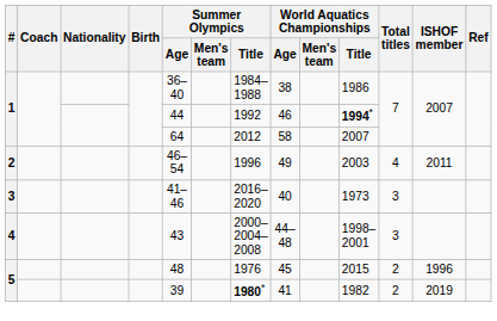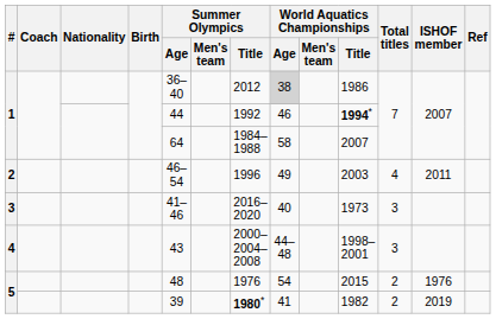 <table class="wikitable sortable sticky-header-multi" style="text-align: center; font-size: 100%; margin-left: 0em;">
 <tr>
 <th scope="col" rowspan="2">#</th>
 <th scope="col" rowspan="2">Coach</th>
 <th scope="col" rowspan="2">Nationality</th>
 <th scope="col" rowspan="2">Birth</th>
 <th scope="colgroup" colspan="3">Summer Olympics</th>
 <th scope="colgroup" colspan="3">World Aquatics Championships</th>
 <th scope="col" rowspan="2">Total<br>titles</th>
 <th scope="col" rowspan="2">ISHOF<br>member</th>
 <th scope="col" rowspan="2" class="unsortable">Ref</th>
 </tr>
 <tr>
 <th scope="col">Age</th>
 <th scope="col">Men's team</th>
 <th scope="col">Title</th>
 <th scope="col">Age</th>
 <th scope="col">Men's team</th>
 <th scope="col">Title</th>
 </tr>
 <tr>
 <th scope="rowgroup" rowspan="3">1</th>
 <td rowspan="3" style="text-align: left;"></td>
 <td style="text-align: left;"></td>
 <td rowspan="3"></td>
 <td>36–40</td>
 <td style="text-align: left;"></td>
-<td style="text-align: left;">1984–1988</td>
-<td>38</td>
+<td style="text-align: left;">2012</td>
+<td style="background: lightgrey;">38</td>
 <td style="text-align: left;"></td>
 <td style="text-align: left;">1986</td>
 <td rowspan="3">7</td>
 <td rowspan="3">2007</td>
 <td rowspan="3"><br><br></td>
 </tr>
 <tr>
 <td rowspan="2" style="text-align: left;"></td>
 <td>44</td>
 <td style="text-align: left;"></td>
 <td style="text-align: left;">1992</td>
 <td>46</td>
 <td style="text-align: left;"></td>
 <td style="text-align: left;"><strong>1994</strong><sup>*</sup></td>
 </tr>
 <tr>
 <td>64</td>
 <td style="text-align: left;"></td>
-<td style="text-align: left;">2012</td>
+<td style="text-align: left;">1984–1988</td>
 <td>58</td>
 <td style="text-align: left;"></td>
 <td style="text-align: left;">2007</td>
 </tr>
 <tr>
 <th scope="row">2</th>
 <td style="text-align: left;"></td>
 <td style="text-align: left;"></td>
 <td></td>
 <td>46–54</td>
 <td style="text-align: left;"></td>
 <td style="text-align: left;">1996</td>
 <td>49</td>
 <td style="text-align: left;"></td>
 <td style="text-align: left;">2003</td>
 <td>4</td>
 <td>2011</td>
 <td></td>
 </tr>
 <tr>
 <th scope="row">3</th>
 <td style="text-align: left;"></td>
 <td style="text-align: left;"></td>
 <td></td>
 <td>41–46</td>
 <td style="text-align: left;"></td>
 <td style="text-align: left;">2016–2020</td>
 <td>40</td>
 <td style="text-align: left;"></td>
 <td style="text-align: left;">1973</td>
 <td>3</td>
 <td></td>
 <td></td>
 </tr>
 <tr>
 <th scope="row">4</th>
 <td style="text-align: left;"></td>
 <td style="text-align: left;"></td>
 <td></td>
 <td>43</td>
 <td style="text-align: left;"></td>
 <td style="text-align: left;">2000–2004–2008</td>
 <td>44–48</td>
 <td style="text-align: left;"></td>
 <td style="text-align: left;">1998–2001</td>
 <td>3</td>
 <td></td>
 <td></td>
 </tr>
 <tr>
 <th scope="rowgroup" rowspan="2">5</th>
 <td style="text-align: left;"></td>
 <td style="text-align: left;"></td>
 <td></td>
 <td>48</td>
 <td style="text-align: left;"></td>
 <td style="text-align: left;">1976</td>
-<td>45</td>
+<td>54</td>
 <td style="text-align: left;"></td>
 <td style="text-align: left;">2015</td>
 <td>2</td>
-<td>1996</td>
+<td>1976</td>
 <td></td>
 </tr>
 <tr>
 <td style="text-align: left;"></td>
 <td style="text-align: left;"></td>
 <td></td>
 <td>39</td>
 <td style="text-align: left;"></td>
 <td style="text-align: left;"><strong>1980</strong><sup>*</sup></td>
 <td>41</td>
 <td style="text-align: left;"></td>
 <td style="text-align: left;">1982</td>
 <td>2</td>
 <td>2019</td>
 <td></td>
 </tr>
 </table>
